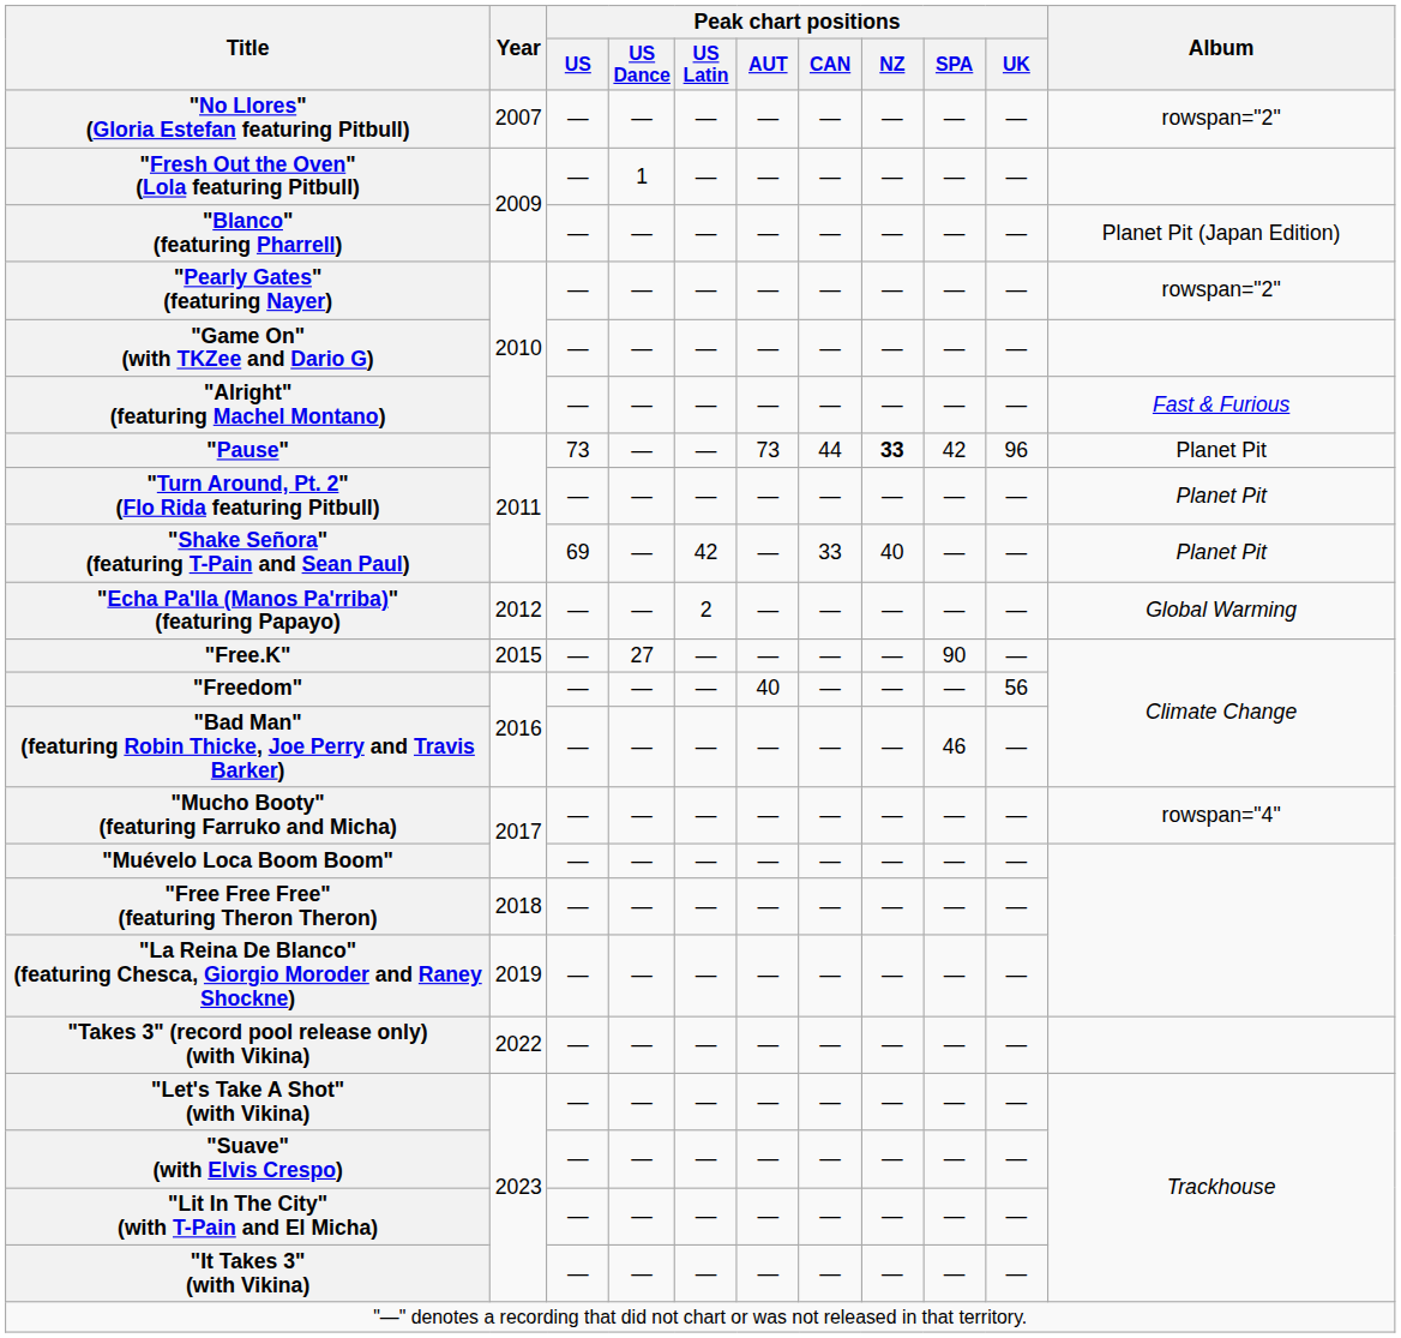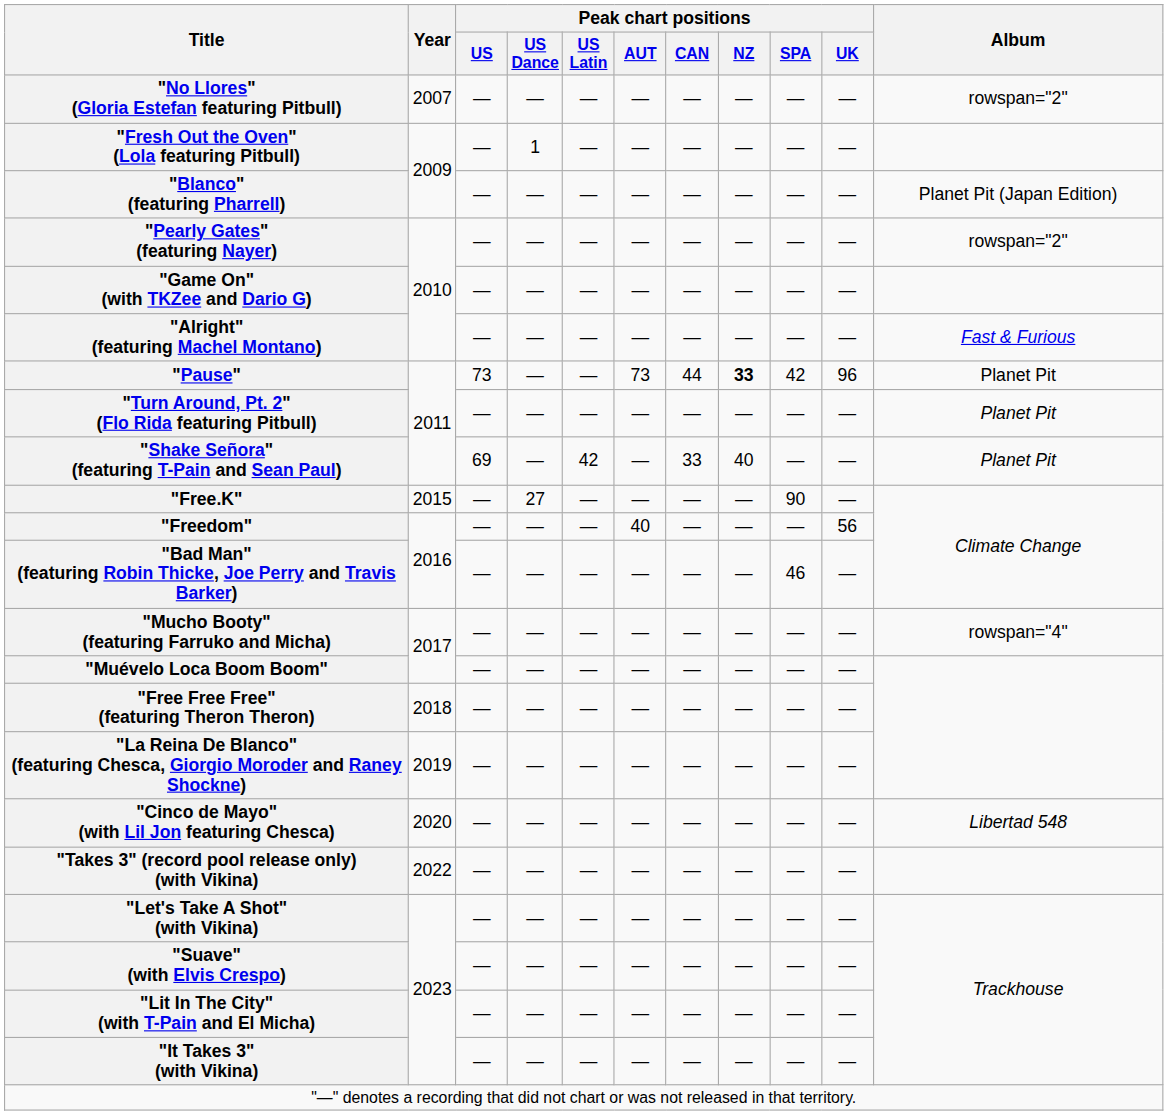 <table class="wikitable plainrowheaders" style="text-align:center;">
 <tr>
 <th scope="col" rowspan="2" style="width:22.5em;">Title</th>
 <th scope="col" rowspan="2">Year</th>
 <th scope="col" colspan="8">Peak chart positions</th>
 <th scope="col" rowspan="2" style="width:16em;">Album</th>
 </tr>
 <tr>
 <th scope="col" style="width:2.8em;font-size:90%;"><a href='#'>US</a> <br></th>
 <th scope="col" style="width:2.8em;font-size:90%;"><a href='#'>US <br>Dance</a> <br></th>
 <th scope="col" style="width:2.8em;font-size:90%;"><a href='#'>US <br>Latin</a> <br></th>
 <th scope="col" style="width:2.8em;font-size:90%;"><a href='#'>AUT</a> <br></th>
 <th scope="col" style="width:2.8em;font-size:90%;"><a href='#'>CAN</a> <br></th>
 <th scope="col" style="width:2.8em;font-size:90%;"><a href='#'>NZ</a> <br></th>
 <th scope="col" style="width:2.8em;font-size:90%;"><a href='#'>SPA</a> <br></th>
 <th scope="col" style="width:2.8em;font-size:90%;"><a href='#'>UK</a> <br></th>
 </tr>
 <tr>
 <th scope="row">"<a href='#'>No Llores</a>" <br><span>(<a href='#'>Gloria Estefan</a> featuring Pitbull)</span></th>
 <td>2007</td>
 <td>—</td>
 <td>—</td>
 <td>—</td>
 <td>—</td>
 <td>—</td>
 <td>—</td>
 <td>—</td>
 <td>—</td>
 <td>rowspan="2" </td>
 </tr>
 <tr>
 <th scope="row">"<a href='#'>Fresh Out the Oven</a>" <br><span>(<a href='#'>Lola</a> featuring Pitbull)</span></th>
 <td rowspan="2">2009</td>
 <td>—</td>
 <td>1</td>
 <td>—</td>
 <td>—</td>
 <td>—</td>
 <td>—</td>
 <td>—</td>
 <td>—</td>
 </tr>
 <tr>
 <th scope="row">"<a href='#'>Blanco</a>"<br><span>(featuring <a href='#'>Pharrell</a>)</span></th>
 <td>—</td>
 <td>—</td>
 <td>—</td>
 <td>—</td>
 <td>—</td>
 <td>—</td>
 <td>—</td>
 <td>—</td>
 <td>Planet Pit (Japan Edition)</td>
 </tr>
 <tr>
 <th scope="row">"<a href='#'>Pearly Gates</a>"<br><span>(featuring <a href='#'>Nayer</a>)</span></th>
 <td rowspan="3">2010</td>
 <td>—</td>
 <td>—</td>
 <td>—</td>
 <td>—</td>
 <td>—</td>
 <td>—</td>
 <td>—</td>
 <td>—</td>
 <td>rowspan="2" </td>
 </tr>
 <tr>
 <th scope="row">"Game On"<br><span>(with <a href='#'>TKZee</a> and <a href='#'>Dario G</a>)</span></th>
 <td>—</td>
 <td>—</td>
 <td>—</td>
 <td>—</td>
 <td>—</td>
 <td>—</td>
 <td>—</td>
 <td>—</td>
 </tr>
 <tr>
 <th scope="row">"Alright" <br><span>(featuring <a href='#'>Machel Montano</a>)</span></th>
 <td>—</td>
 <td>—</td>
 <td>—</td>
 <td>—</td>
 <td>—</td>
 <td>—</td>
 <td>—</td>
 <td>—</td>
 <td><a href='#'><em>Fast & Furious</em></a></td>
 </tr>
 <tr>
 <th scope="row">"<a href='#'>Pause</a>"</th>
 <td rowspan="3">2011</td>
 <td>73</td>
 <td>—</td>
 <td>—</td>
 <td>73</td>
 <td>44</td>
 <td><strong>33</strong></td>
 <td>42</td>
 <td>96</td>
 <td>Planet Pit</td>
 </tr>
 <tr>
 <th scope="row">"<a href='#'>Turn Around, Pt. 2</a>"<br><span>(<a href='#'>Flo Rida</a> featuring Pitbull)</span></th>
 <td>—</td>
 <td>—</td>
 <td>—</td>
 <td>—</td>
 <td>—</td>
 <td>—</td>
 <td>—</td>
 <td>—</td>
 <td><em>Planet Pit</em></td>
 </tr>
 <tr>
 <th scope="row">"<a href='#'>Shake Señora</a>" <br><span>(featuring <a href='#'>T-Pain</a> and <a href='#'>Sean Paul</a>)</span></th>
 <td>69</td>
 <td>—</td>
 <td>42</td>
 <td>—</td>
 <td>33</td>
 <td>40</td>
 <td>—</td>
 <td>—</td>
 <td><em>Planet Pit</em></td>
 </tr>
 <tr>
-<th scope="row">"<a href='#'>Echa Pa'lla (Manos Pa'rriba)</a>" <br><span>(featuring Papayo)</span></th>
-<td>2012</td>
-<td>—</td>
-<td>—</td>
-<td>2</td>
-<td>—</td>
-<td>—</td>
-<td>—</td>
-<td>—</td>
-<td>—</td>
-<td><em>Global Warming</em></td>
-</tr>
-<tr>
 <th scope="row">"Free.K"</th>
 <td>2015</td>
 <td>—</td>
 <td>27</td>
 <td>—</td>
 <td>—</td>
 <td>—</td>
 <td>—</td>
 <td>90</td>
 <td>—</td>
 <td rowspan="3"><em>Climate Change</em></td>
 </tr>
 <tr>
 <th scope="row">"Freedom"</th>
 <td rowspan="2">2016</td>
 <td>—</td>
 <td>—</td>
 <td>—</td>
 <td>40</td>
 <td>—</td>
 <td>—</td>
 <td>—</td>
 <td>56</td>
 </tr>
 <tr>
 <th scope="row">"Bad Man"<br><span>(featuring <a href='#'>Robin Thicke</a>, <a href='#'>Joe Perry</a> and <a href='#'>Travis Barker</a>)</span></th>
 <td>—</td>
 <td>—</td>
 <td>—</td>
 <td>—</td>
 <td>—</td>
 <td>—</td>
 <td>46</td>
 <td>—</td>
 </tr>
 <tr>
 <th scope="row">"Mucho Booty"<br><span>(featuring Farruko and Micha)</span></th>
 <td rowspan="2">2017</td>
 <td>—</td>
 <td>—</td>
 <td>—</td>
 <td>—</td>
 <td>—</td>
 <td>—</td>
 <td>—</td>
 <td>—</td>
 <td>rowspan="4" </td>
 </tr>
 <tr>
 <th scope="row">"Muévelo Loca Boom Boom"</th>
 <td>—</td>
 <td>—</td>
 <td>—</td>
 <td>—</td>
 <td>—</td>
 <td>—</td>
 <td>—</td>
 <td>—</td>
 </tr>
 <tr>
 <th scope="row">"Free Free Free"<br><span>(featuring Theron Theron)</span></th>
 <td>2018</td>
 <td>—</td>
 <td>—</td>
 <td>—</td>
 <td>—</td>
 <td>—</td>
 <td>—</td>
 <td>—</td>
 <td>—</td>
 </tr>
 <tr>
 <th scope="row">"La Reina De Blanco"<br><span>(featuring Chesca, <a href='#'>Giorgio Moroder</a> and <a href='#'>Raney Shockne</a>)</span></th>
 <td>2019</td>
 <td>—</td>
 <td>—</td>
 <td>—</td>
 <td>—</td>
 <td>—</td>
 <td>—</td>
 <td>—</td>
 <td>—</td>
 </tr>
 <tr>
+<th scope="row">"Cinco de Mayo"<br><span>(with <a href='#'>Lil Jon</a> featuring Chesca)</span></th>
+<td>2020</td>
+<td>—</td>
+<td>—</td>
+<td>—</td>
+<td>—</td>
+<td>—</td>
+<td>—</td>
+<td>—</td>
+<td>—</td>
+<td><em>Libertad 548</em></td>
+</tr>
+<tr>
 <th scope="row">"Takes 3" <span>(record pool release only)</span><br><span>(with Vikina)</span></th>
 <td>2022</td>
 <td>—</td>
 <td>—</td>
 <td>—</td>
 <td>—</td>
 <td>—</td>
 <td>—</td>
 <td>—</td>
 <td>—</td>
 <td></td>
 </tr>
 <tr>
 <th scope="row">"Let's Take A Shot" <br><span>(with Vikina)</span></th>
 <td rowspan="4">2023</td>
 <td>—</td>
 <td>—</td>
 <td>—</td>
 <td>—</td>
 <td>—</td>
 <td>—</td>
 <td>—</td>
 <td>—</td>
 <td rowspan="4"><em>Trackhouse</em></td>
 </tr>
 <tr>
 <th scope="row">"Suave" <br><span>(with <a href='#'>Elvis Crespo</a>)</span></th>
 <td>—</td>
 <td>—</td>
 <td>—</td>
 <td>—</td>
 <td>—</td>
 <td>—</td>
 <td>—</td>
 <td>—</td>
 </tr>
 <tr>
 <th scope="row">"Lit In The City" <br><span>(with <a href='#'>T-Pain</a> and El Micha)</span></th>
 <td>—</td>
 <td>—</td>
 <td>—</td>
 <td>—</td>
 <td>—</td>
 <td>—</td>
 <td>—</td>
 <td>—</td>
 </tr>
 <tr>
 <th scope="row">"It Takes 3" <br><span>(with Vikina)</span></th>
 <td>—</td>
 <td>—</td>
 <td>—</td>
 <td>—</td>
 <td>—</td>
 <td>—</td>
 <td>—</td>
 <td>—</td>
 </tr>
 <tr>
 <td colspan="11" style="font-size:90%">"—" denotes a recording that did not chart or was not released in that territory.</td>
 </tr>
 </table>
